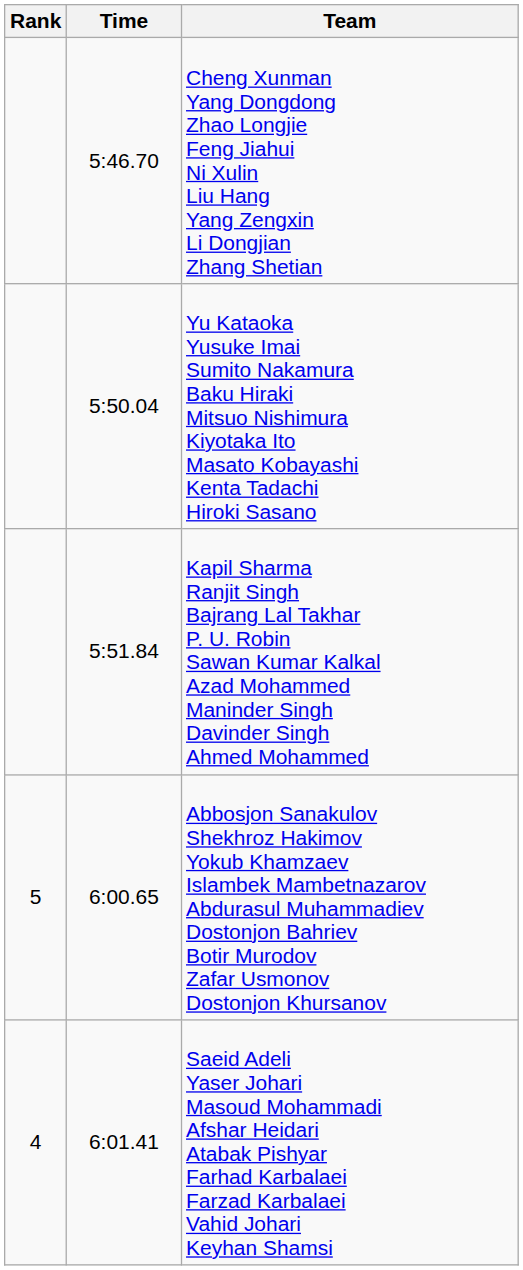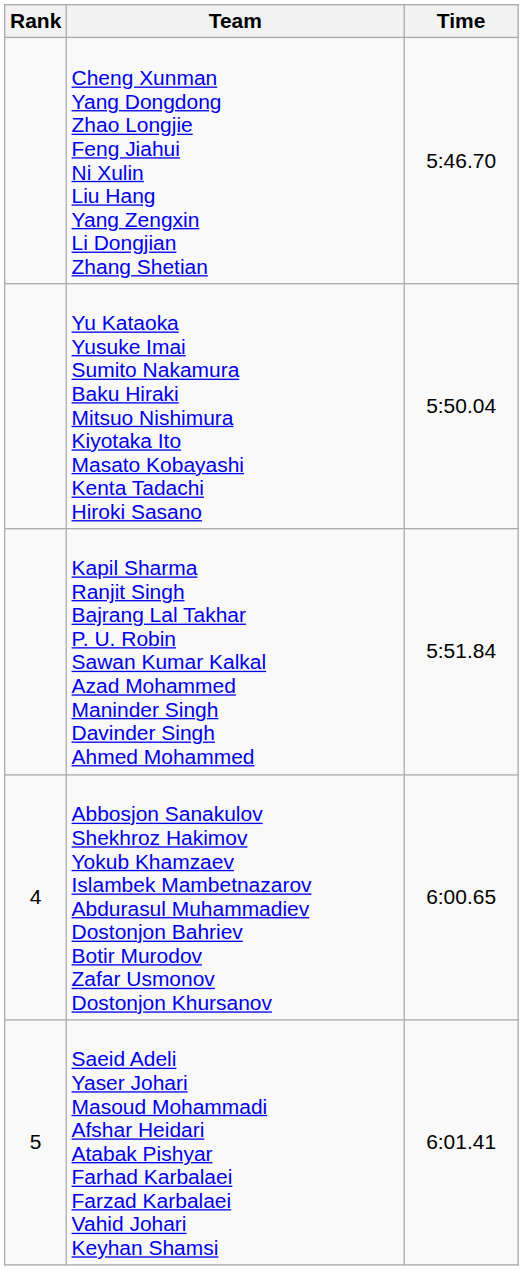 <table class=wikitable style="text-align:center">
 <tr>
 <th width=40>Rank</th>
+<th width=250>Team</th>
 <th width=80>Time</th>
-<th width=250>Team</th>
 </tr>
 <tr>
 <td></td>
+<td align=left><br><a href='#'>Cheng Xunman</a><br><a href='#'>Yang Dongdong</a><br><a href='#'>Zhao Longjie</a><br><a href='#'>Feng Jiahui</a><br><a href='#'>Ni Xulin</a><br><a href='#'>Liu Hang</a><br><a href='#'>Yang Zengxin</a><br><a href='#'>Li Dongjian</a><br><a href='#'>Zhang Shetian</a></td>
 <td>5:46.70</td>
-<td align=left><br><a href='#'>Cheng Xunman</a><br><a href='#'>Yang Dongdong</a><br><a href='#'>Zhao Longjie</a><br><a href='#'>Feng Jiahui</a><br><a href='#'>Ni Xulin</a><br><a href='#'>Liu Hang</a><br><a href='#'>Yang Zengxin</a><br><a href='#'>Li Dongjian</a><br><a href='#'>Zhang Shetian</a></td>
 </tr>
 <tr>
 <td></td>
+<td align=left><br><a href='#'>Yu Kataoka</a><br><a href='#'>Yusuke Imai</a><br><a href='#'>Sumito Nakamura</a><br><a href='#'>Baku Hiraki</a><br><a href='#'>Mitsuo Nishimura</a><br><a href='#'>Kiyotaka Ito</a><br><a href='#'>Masato Kobayashi</a><br><a href='#'>Kenta Tadachi</a><br><a href='#'>Hiroki Sasano</a></td>
 <td>5:50.04</td>
-<td align=left><br><a href='#'>Yu Kataoka</a><br><a href='#'>Yusuke Imai</a><br><a href='#'>Sumito Nakamura</a><br><a href='#'>Baku Hiraki</a><br><a href='#'>Mitsuo Nishimura</a><br><a href='#'>Kiyotaka Ito</a><br><a href='#'>Masato Kobayashi</a><br><a href='#'>Kenta Tadachi</a><br><a href='#'>Hiroki Sasano</a></td>
 </tr>
 <tr>
 <td></td>
+<td align=left><br><a href='#'>Kapil Sharma</a><br><a href='#'>Ranjit Singh</a><br><a href='#'>Bajrang Lal Takhar</a><br><a href='#'>P. U. Robin</a><br><a href='#'>Sawan Kumar Kalkal</a><br><a href='#'>Azad Mohammed</a><br><a href='#'>Maninder Singh</a><br><a href='#'>Davinder Singh</a><br><a href='#'>Ahmed Mohammed</a></td>
 <td>5:51.84</td>
-<td align=left><br><a href='#'>Kapil Sharma</a><br><a href='#'>Ranjit Singh</a><br><a href='#'>Bajrang Lal Takhar</a><br><a href='#'>P. U. Robin</a><br><a href='#'>Sawan Kumar Kalkal</a><br><a href='#'>Azad Mohammed</a><br><a href='#'>Maninder Singh</a><br><a href='#'>Davinder Singh</a><br><a href='#'>Ahmed Mohammed</a></td>
+</tr>
+<tr>
+<td>4</td>
+<td align=left><br><a href='#'>Abbosjon Sanakulov</a><br><a href='#'>Shekhroz Hakimov</a><br><a href='#'>Yokub Khamzaev</a><br><a href='#'>Islambek Mambetnazarov</a><br><a href='#'>Abdurasul Muhammadiev</a><br><a href='#'>Dostonjon Bahriev</a><br><a href='#'>Botir Murodov</a><br><a href='#'>Zafar Usmonov</a><br><a href='#'>Dostonjon Khursanov</a></td>
+<td>6:00.65</td>
 </tr>
 <tr>
 <td>5</td>
-<td>6:00.65</td>
-<td align=left><br><a href='#'>Abbosjon Sanakulov</a><br><a href='#'>Shekhroz Hakimov</a><br><a href='#'>Yokub Khamzaev</a><br><a href='#'>Islambek Mambetnazarov</a><br><a href='#'>Abdurasul Muhammadiev</a><br><a href='#'>Dostonjon Bahriev</a><br><a href='#'>Botir Murodov</a><br><a href='#'>Zafar Usmonov</a><br><a href='#'>Dostonjon Khursanov</a></td>
-</tr>
-<tr>
-<td>4</td>
+<td align=left><br><a href='#'>Saeid Adeli</a><br><a href='#'>Yaser Johari</a><br><a href='#'>Masoud Mohammadi</a><br><a href='#'>Afshar Heidari</a><br><a href='#'>Atabak Pishyar</a><br><a href='#'>Farhad Karbalaei</a><br><a href='#'>Farzad Karbalaei</a><br><a href='#'>Vahid Johari</a><br><a href='#'>Keyhan Shamsi</a></td>
 <td>6:01.41</td>
-<td align=left><br><a href='#'>Saeid Adeli</a><br><a href='#'>Yaser Johari</a><br><a href='#'>Masoud Mohammadi</a><br><a href='#'>Afshar Heidari</a><br><a href='#'>Atabak Pishyar</a><br><a href='#'>Farhad Karbalaei</a><br><a href='#'>Farzad Karbalaei</a><br><a href='#'>Vahid Johari</a><br><a href='#'>Keyhan Shamsi</a></td>
 </tr>
 </table>
